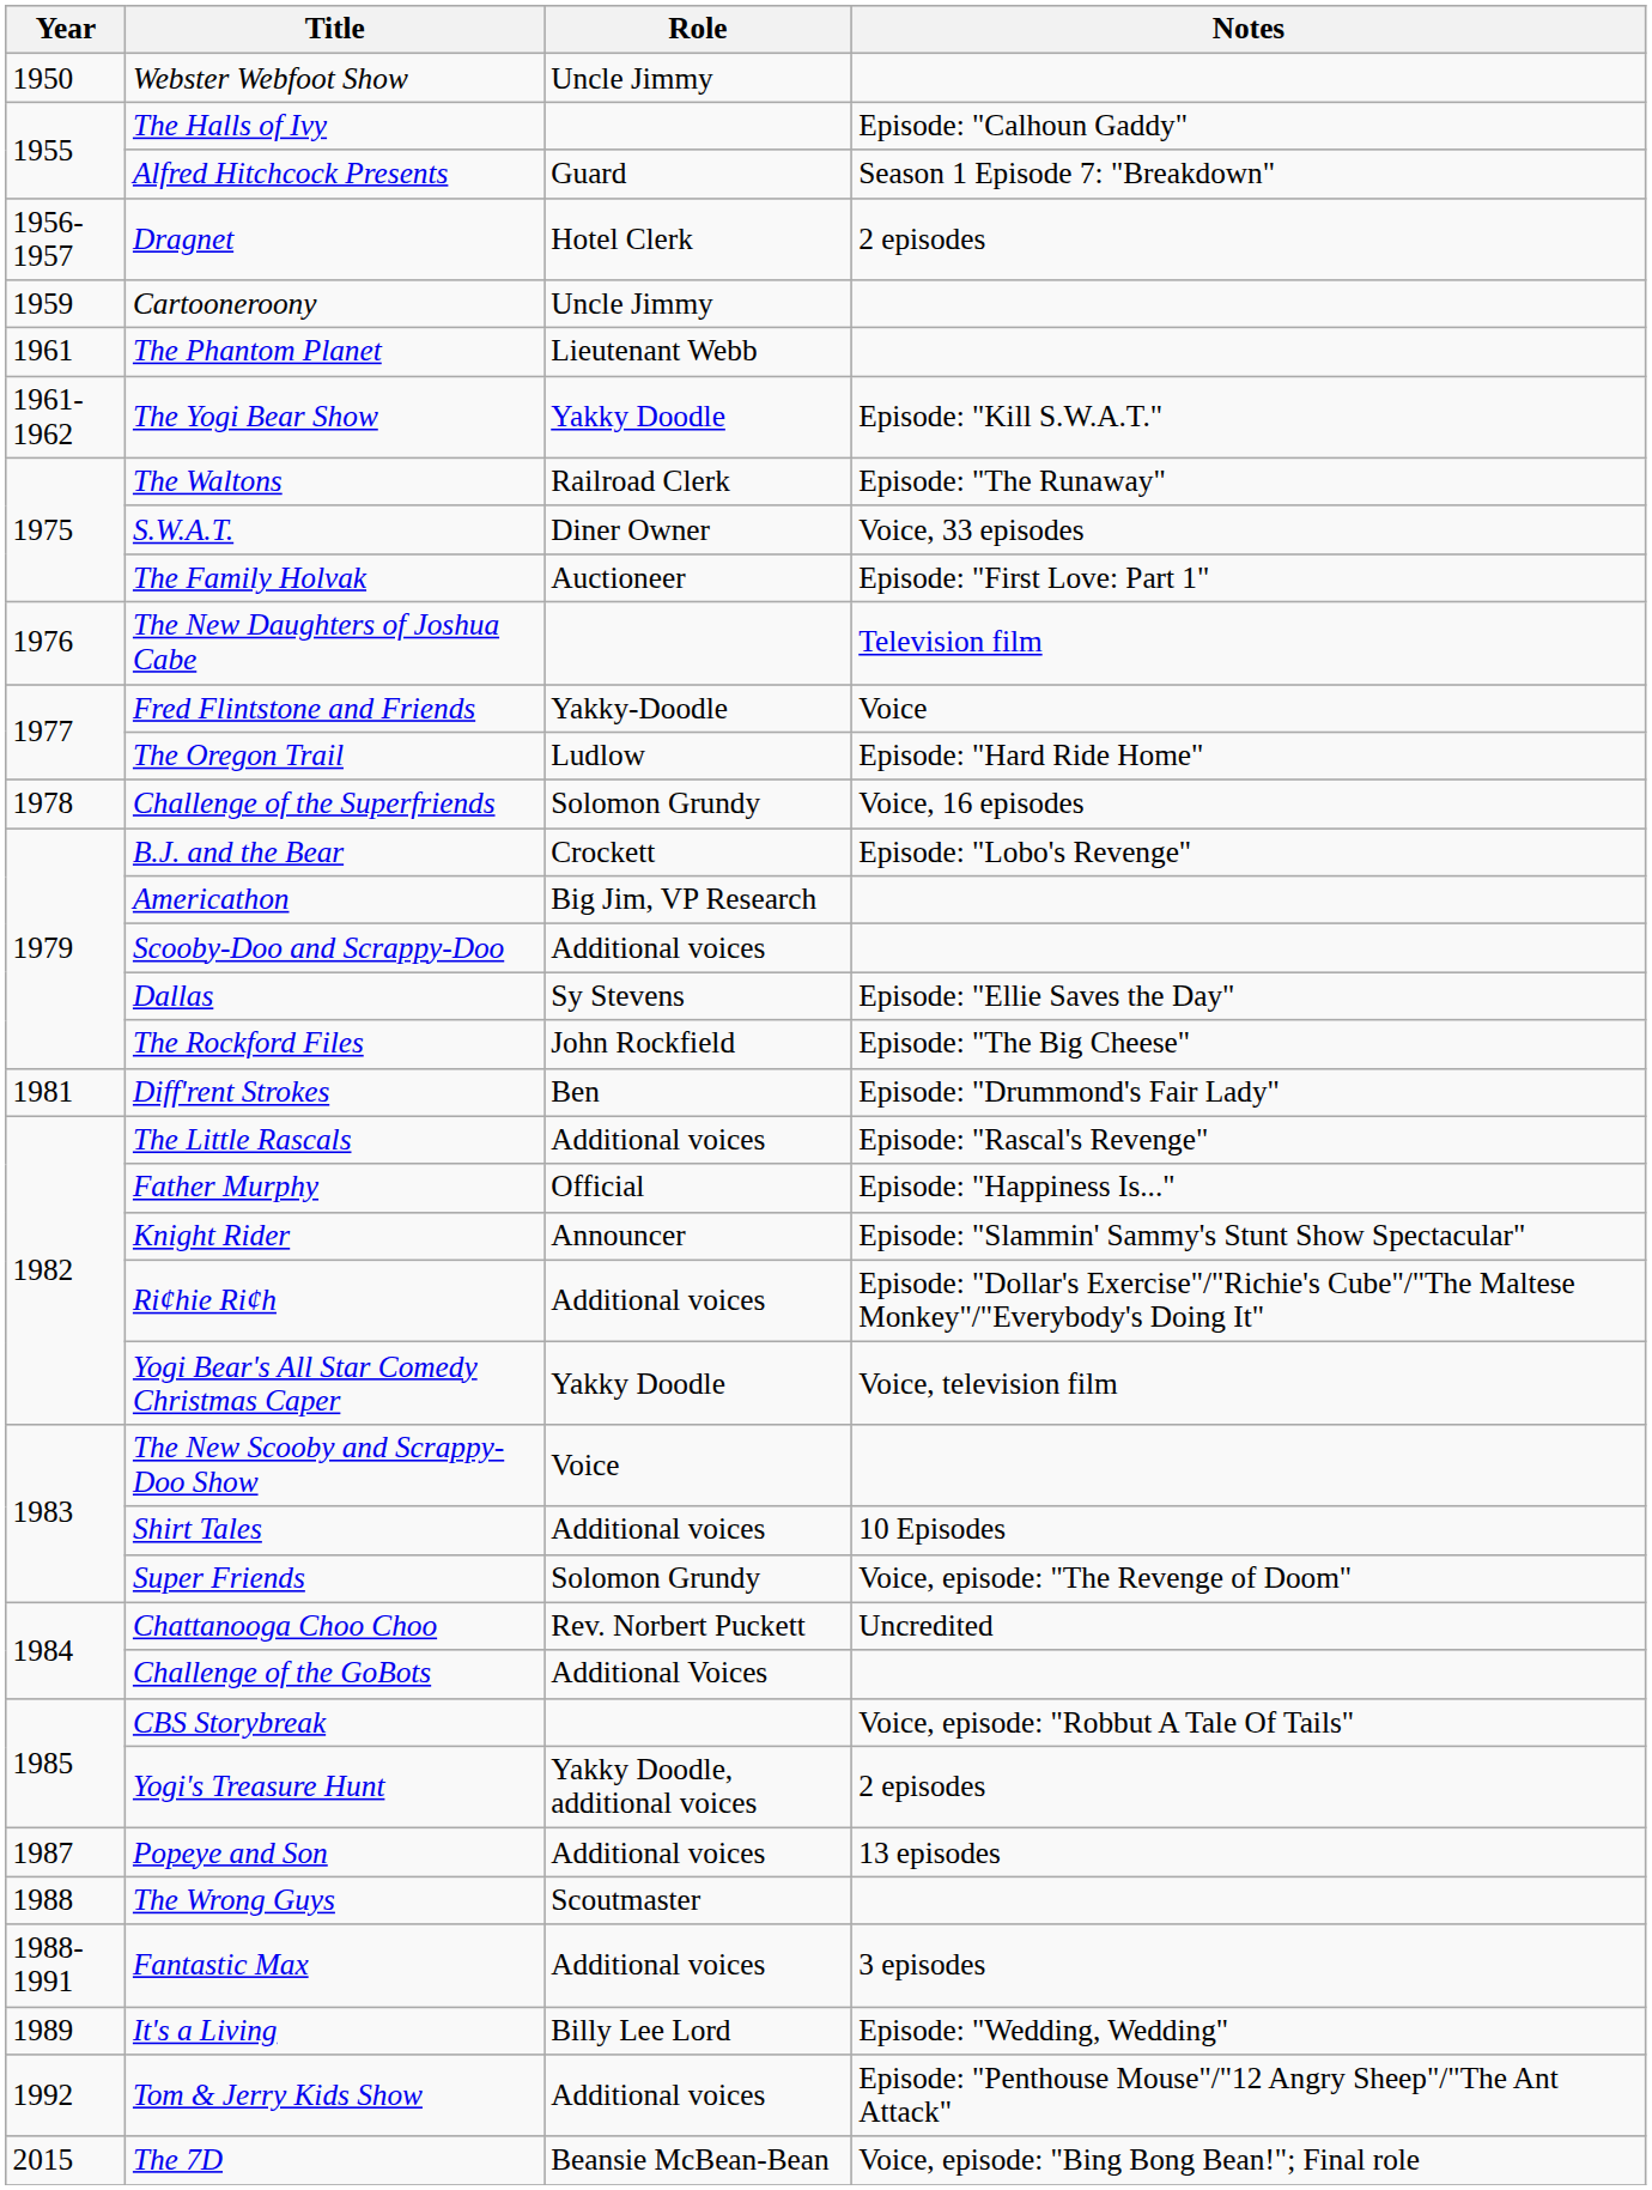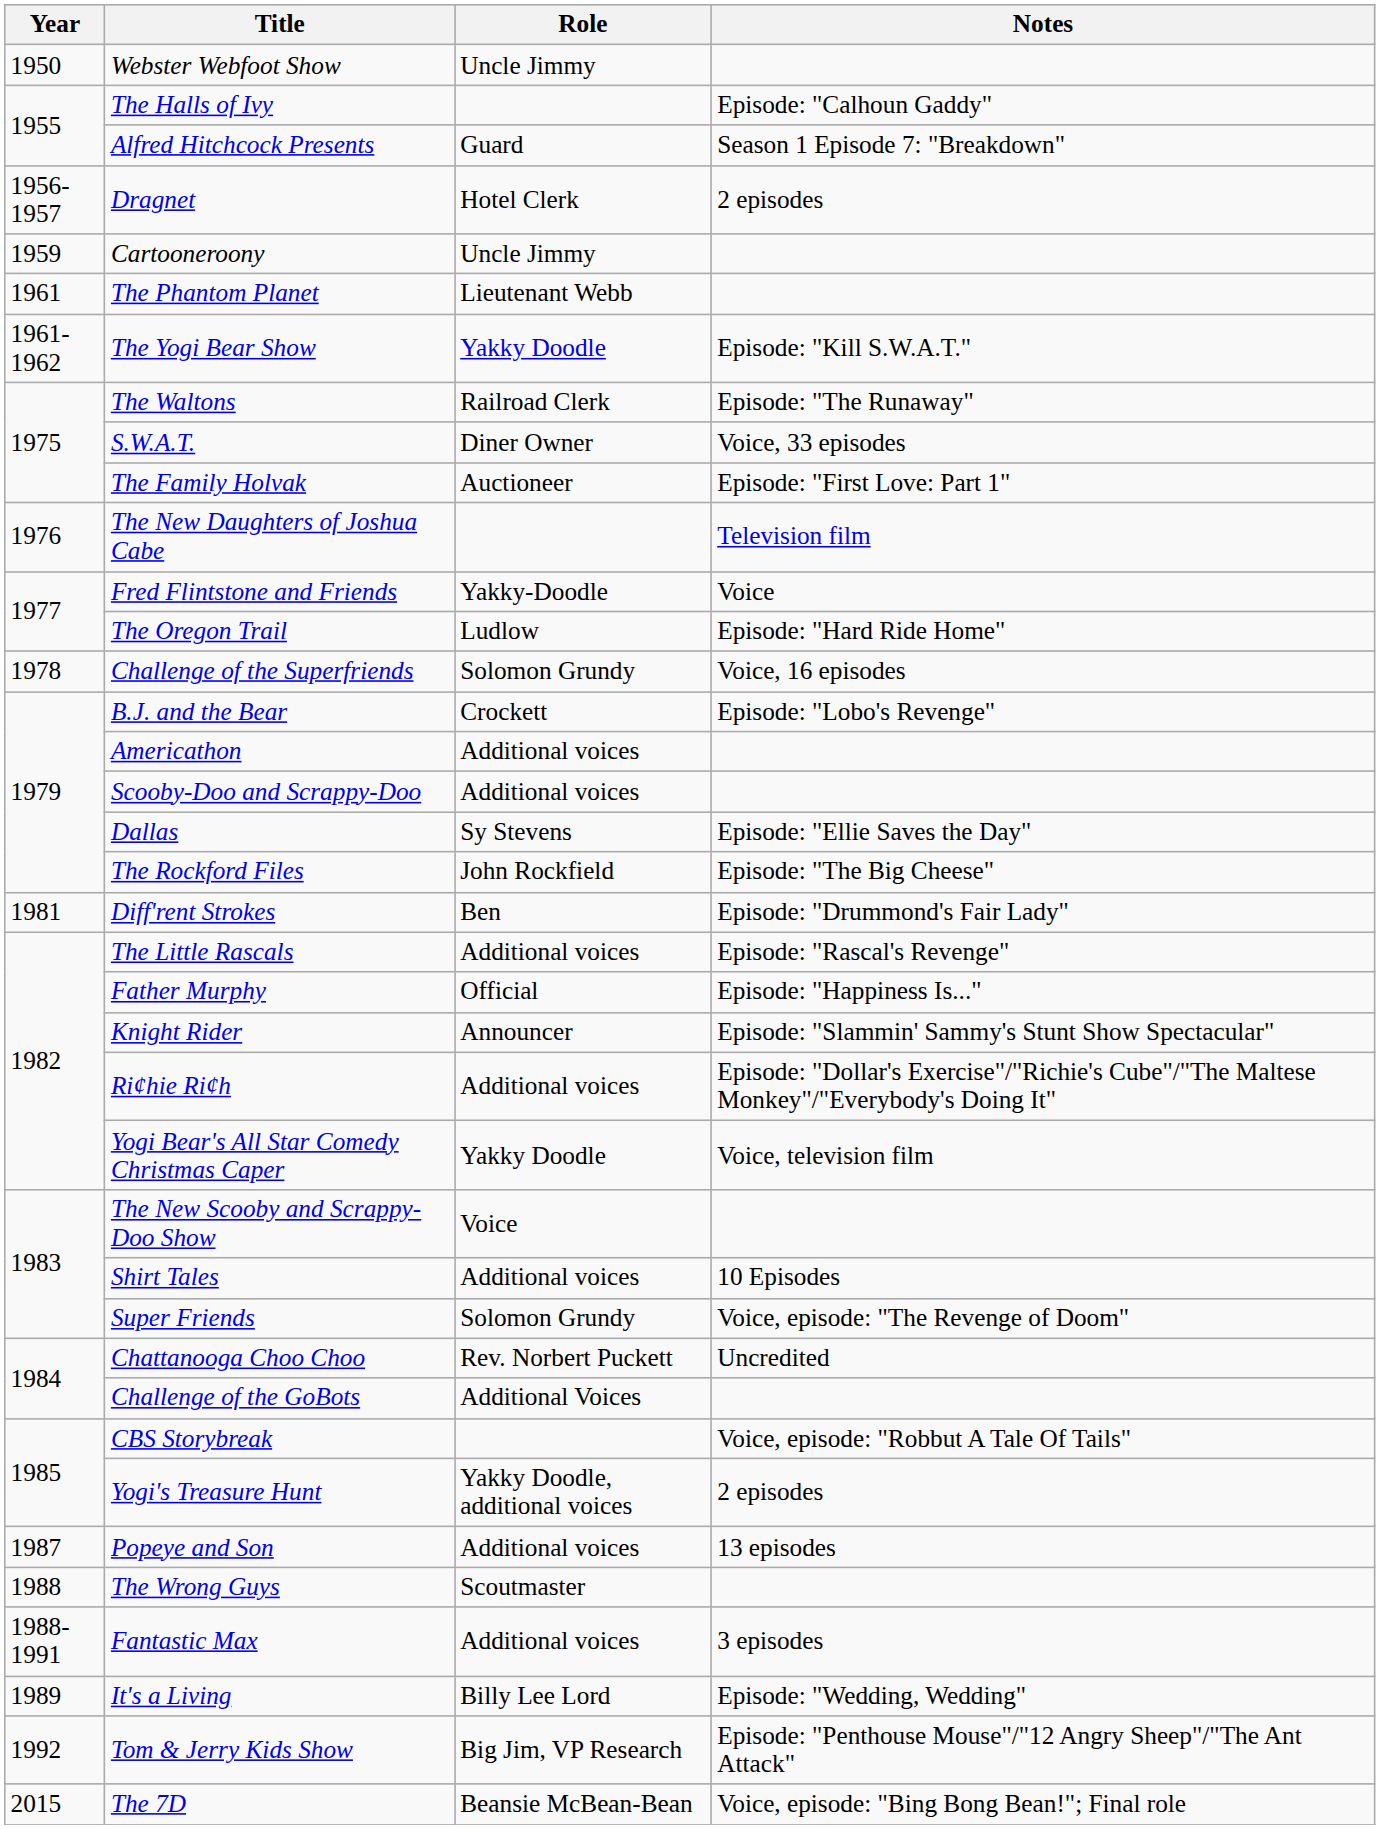 <table class="wikitable sortable plainrowheaders" style="white-space">
 <tr>
 <th>Year</th>
 <th>Title</th>
 <th>Role</th>
 <th>Notes</th>
 </tr>
 <tr>
 <td>1950</td>
 <td><em>Webster Webfoot Show</em></td>
 <td>Uncle Jimmy</td>
 <td></td>
 </tr>
 <tr>
 <td rowspan=2>1955</td>
 <td><em><a href='#'>The Halls of Ivy</a></em></td>
 <td></td>
 <td>Episode: "Calhoun Gaddy"</td>
 </tr>
 <tr>
 <td><em><a href='#'>Alfred Hitchcock Presents</a></em></td>
 <td>Guard</td>
 <td>Season 1 Episode 7: "Breakdown"</td>
 </tr>
 <tr>
 <td>1956-1957</td>
 <td><em><a href='#'>Dragnet</a></em></td>
 <td>Hotel Clerk</td>
 <td>2 episodes</td>
 </tr>
 <tr>
 <td>1959</td>
 <td><em>Cartooneroony</em></td>
 <td>Uncle Jimmy</td>
 <td></td>
 </tr>
 <tr>
 <td>1961</td>
 <td><em><a href='#'>The Phantom Planet</a></em></td>
 <td>Lieutenant Webb</td>
 <td></td>
 </tr>
 <tr>
 <td>1961-1962</td>
 <td><em><a href='#'>The Yogi Bear Show</a></em></td>
 <td><a href='#'>Yakky Doodle</a></td>
 <td>Episode: "Kill S.W.A.T."</td>
 </tr>
 <tr>
 <td rowspan=3>1975</td>
 <td><em><a href='#'>The Waltons</a></em></td>
 <td>Railroad Clerk</td>
 <td>Episode: "The Runaway"</td>
 </tr>
 <tr>
 <td><em><a href='#'>S.W.A.T.</a></em></td>
 <td>Diner Owner</td>
 <td>Voice, 33 episodes</td>
 </tr>
 <tr>
 <td><em><a href='#'>The Family Holvak</a></em></td>
 <td>Auctioneer</td>
 <td>Episode: "First Love: Part 1"</td>
 </tr>
 <tr>
 <td>1976</td>
 <td><em><a href='#'>The New Daughters of Joshua Cabe</a></em></td>
 <td></td>
 <td><a href='#'>Television film</a></td>
 </tr>
 <tr>
 <td rowspan=2>1977</td>
 <td><em><a href='#'>Fred Flintstone and Friends</a></em></td>
 <td>Yakky-Doodle</td>
 <td>Voice</td>
 </tr>
 <tr>
 <td><em><a href='#'>The Oregon Trail</a></em></td>
 <td>Ludlow</td>
 <td>Episode: "Hard Ride Home"</td>
 </tr>
 <tr>
 <td>1978</td>
 <td><em><a href='#'>Challenge of the Superfriends</a></em></td>
 <td>Solomon Grundy</td>
 <td>Voice, 16 episodes</td>
 </tr>
 <tr>
 <td rowspan=5>1979</td>
 <td><em><a href='#'>B.J. and the Bear</a></em></td>
 <td>Crockett</td>
 <td>Episode: "Lobo's Revenge"</td>
 </tr>
 <tr>
 <td><em><a href='#'>Americathon</a></em></td>
-<td>Big Jim, VP Research</td>
+<td>Additional voices</td>
 <td></td>
 </tr>
 <tr>
 <td><em><a href='#'>Scooby-Doo and Scrappy-Doo</a></em></td>
 <td>Additional voices</td>
 <td></td>
 </tr>
 <tr>
 <td><em><a href='#'>Dallas</a></em></td>
 <td>Sy Stevens</td>
 <td>Episode: "Ellie Saves the Day"</td>
 </tr>
 <tr>
 <td><em><a href='#'>The Rockford Files</a></em></td>
 <td>John Rockfield</td>
 <td>Episode: "The Big Cheese"</td>
 </tr>
 <tr>
 <td>1981</td>
 <td><em><a href='#'>Diff'rent Strokes</a></em></td>
 <td>Ben</td>
 <td>Episode: "Drummond's Fair Lady"</td>
 </tr>
 <tr>
 <td rowspan=5>1982</td>
 <td><em><a href='#'>The Little Rascals</a></em></td>
 <td>Additional voices</td>
 <td>Episode: "Rascal's Revenge"</td>
 </tr>
 <tr>
 <td><em><a href='#'>Father Murphy</a></em></td>
 <td>Official</td>
 <td>Episode: "Happiness Is..."</td>
 </tr>
 <tr>
 <td><em><a href='#'>Knight Rider</a></em></td>
 <td>Announcer</td>
 <td>Episode: "Slammin' Sammy's Stunt Show Spectacular"</td>
 </tr>
 <tr>
 <td><em><a href='#'>Ri¢hie Ri¢h</a></em></td>
 <td>Additional voices</td>
 <td>Episode: "Dollar's Exercise"/"Richie's Cube"/"The Maltese Monkey"/"Everybody's Doing It"</td>
 </tr>
 <tr>
 <td><em><a href='#'>Yogi Bear's All Star Comedy Christmas Caper</a></em></td>
 <td>Yakky Doodle</td>
 <td>Voice, television film</td>
 </tr>
 <tr>
 <td rowspan=3>1983</td>
 <td><em><a href='#'>The New Scooby and Scrappy-Doo Show</a></em></td>
 <td>Voice</td>
 <td></td>
 </tr>
 <tr>
 <td><em><a href='#'>Shirt Tales</a></em></td>
 <td>Additional voices</td>
 <td>10 Episodes</td>
 </tr>
 <tr>
 <td><em><a href='#'>Super Friends</a></em></td>
 <td>Solomon Grundy</td>
 <td>Voice, episode: "The Revenge of Doom"</td>
 </tr>
 <tr>
 <td rowspan=2>1984</td>
 <td><em><a href='#'>Chattanooga Choo Choo</a></em></td>
 <td>Rev. Norbert Puckett</td>
 <td>Uncredited</td>
 </tr>
 <tr>
 <td><em><a href='#'>Challenge of the GoBots</a></em></td>
 <td>Additional Voices</td>
 <td></td>
 </tr>
 <tr>
 <td rowspan=2>1985</td>
 <td><em><a href='#'>CBS Storybreak</a></em></td>
 <td></td>
 <td>Voice, episode: "Robbut A Tale Of Tails"</td>
 </tr>
 <tr>
 <td><em><a href='#'>Yogi's Treasure Hunt</a></em></td>
 <td>Yakky Doodle, additional voices</td>
 <td>2 episodes</td>
 </tr>
 <tr>
 <td>1987</td>
 <td><em><a href='#'>Popeye and Son</a></em></td>
 <td>Additional voices</td>
 <td>13 episodes</td>
 </tr>
 <tr>
 <td>1988</td>
 <td><em><a href='#'>The Wrong Guys</a></em></td>
 <td>Scoutmaster</td>
 <td></td>
 </tr>
 <tr>
 <td>1988-1991</td>
 <td><em><a href='#'>Fantastic Max</a></em></td>
 <td>Additional voices</td>
 <td>3 episodes</td>
 </tr>
 <tr>
 <td>1989</td>
 <td><em><a href='#'>It's a Living</a></em></td>
 <td>Billy Lee Lord</td>
 <td>Episode: "Wedding, Wedding"</td>
 </tr>
 <tr>
 <td>1992</td>
 <td><em><a href='#'>Tom & Jerry Kids Show</a></em></td>
-<td>Additional voices</td>
+<td>Big Jim, VP Research</td>
 <td>Episode: "Penthouse Mouse"/"12 Angry Sheep"/"The Ant Attack"</td>
 </tr>
 <tr>
 <td>2015</td>
 <td><em><a href='#'>The 7D</a></em></td>
 <td>Beansie McBean-Bean</td>
 <td>Voice, episode: "Bing Bong Bean!"; Final role</td>
 </tr>
 </table>
